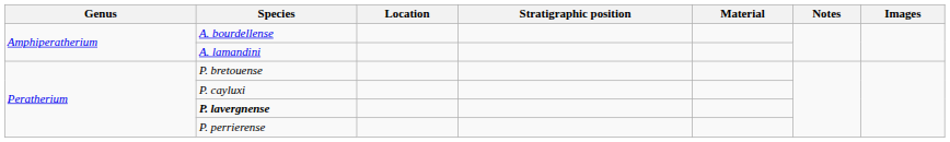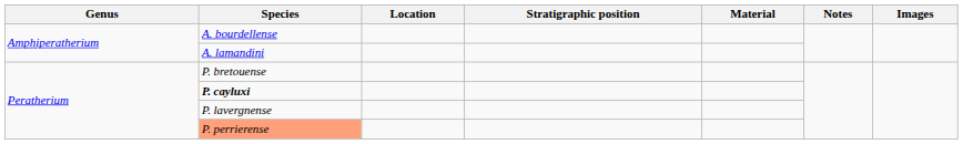 <table class="wikitable sortable"  style="margin:auto; width:100%;">
 <tr>
 <th>Genus</th>
 <th>Species</th>
 <th>Location</th>
 <th>Stratigraphic position</th>
 <th>Material</th>
 <th>Notes</th>
 <th>Images</th>
 </tr>
 <tr>
 <td rowspan = "2"><em><a href='#'>Amphiperatherium</a></em></td>
 <td><em><a href='#'>A. bourdellense</a></em></td>
 <td></td>
 <td></td>
 <td></td>
 <td rowspan = "2"></td>
 <td rowspan = "2"></td>
 </tr>
 <tr>
 <td><em><a href='#'>A. lamandini</a></em></td>
 <td></td>
 <td></td>
 <td></td>
 </tr>
 <tr>
 <td rowspan = "4"><em><a href='#'>Peratherium</a></em></td>
 <td><em>P. bretouense</em></td>
 <td></td>
 <td></td>
 <td></td>
 <td rowspan = "4"></td>
 <td rowspan = "4"></td>
 </tr>
 <tr>
-<td><em>P. cayluxi</em></td>
+<td><strong><em>P. cayluxi</em></strong></td>
 <td></td>
 <td></td>
 <td></td>
 </tr>
 <tr>
-<td><strong><em>P. lavergnense</em></strong></td>
+<td><em>P. lavergnense</em></td>
 <td></td>
 <td></td>
 <td></td>
 </tr>
 <tr>
-<td><em>P. perrierense</em></td>
+<td style="background: lightsalmon;"><em>P. perrierense</em></td>
 <td></td>
 <td></td>
 <td></td>
 </tr>
 </table>
